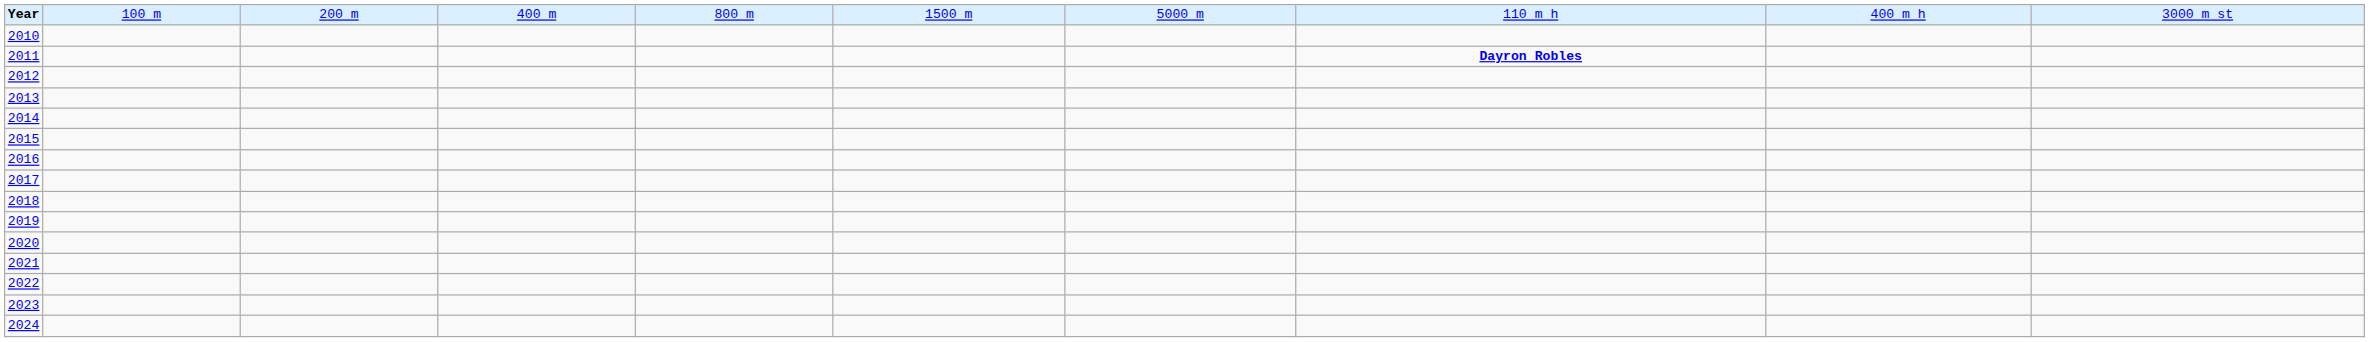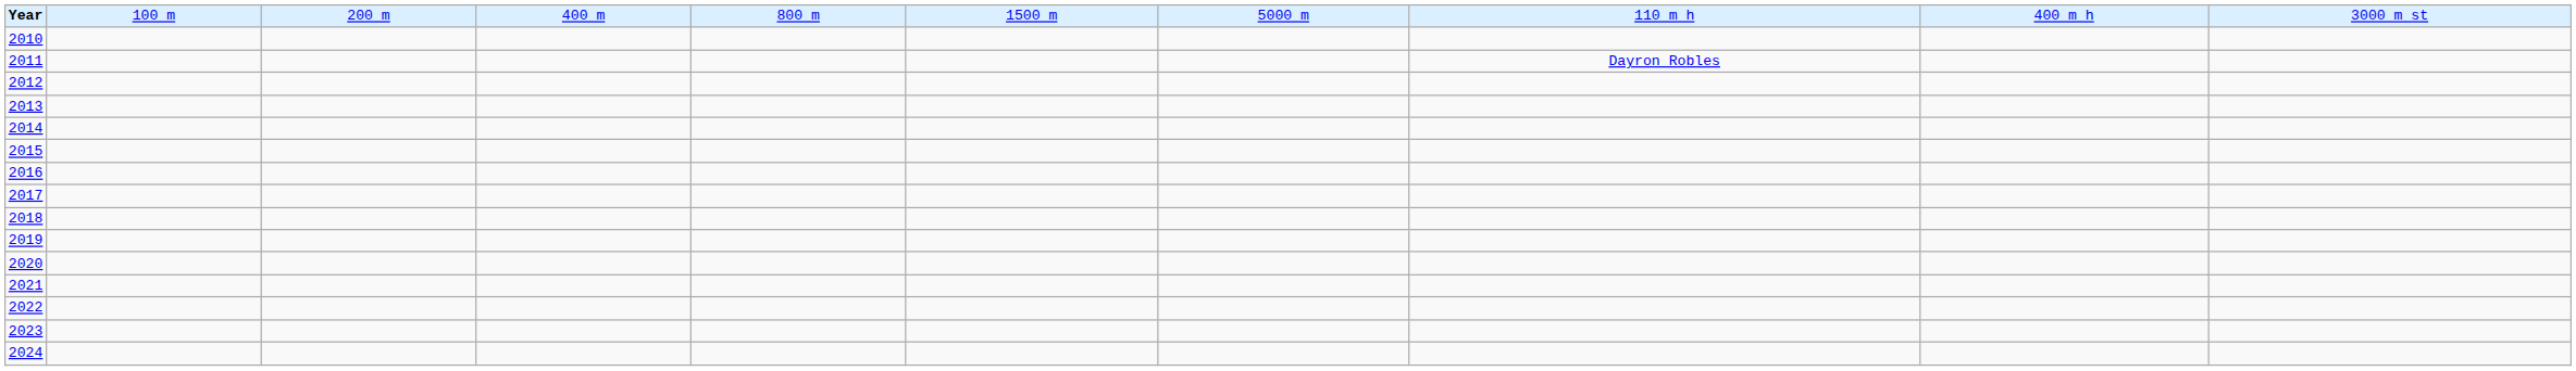 <table class="wikitable" style="font-size:85%; text-align:center;" width="100%">
 <tr style="text-align:center;background-color:#DAEFFF">
 <td width=25px><strong>Year</strong></td>
 <td><a href='#'>100 m</a></td>
 <td><a href='#'>200 m</a></td>
 <td><a href='#'>400 m</a></td>
 <td><a href='#'>800 m</a></td>
 <td><a href='#'>1500 m</a></td>
 <td><a href='#'>5000 m</a></td>
 <td><a href='#'>110 m h</a></td>
 <td><a href='#'>400 m h</a></td>
 <td><a href='#'>3000 m st</a></td>
 </tr>
 <tr>
 <td><a href='#'>2010</a></td>
 <td></td>
 <td></td>
 <td></td>
 <td> </td>
 <td> </td>
 <td> </td>
 <td> </td>
 <td> </td>
 <td> </td>
 </tr>
 <tr>
 <td><a href='#'>2011</a></td>
 <td> </td>
 <td></td>
 <td> </td>
 <td> </td>
 <td></td>
 <td> </td>
-<td><strong> <a href='#'>Dayron Robles</a></strong></td>
+<td> <a href='#'>Dayron Robles</a></td>
 <td></td>
 <td> </td>
 </tr>
 <tr>
 <td><a href='#'>2012</a></td>
 <td></td>
 <td></td>
 <td></td>
 <td> </td>
 <td> </td>
 <td></td>
 <td></td>
 <td> </td>
 <td> </td>
 </tr>
 <tr>
 <td><a href='#'>2013</a></td>
 <td> </td>
 <td></td>
 <td> </td>
 <td> </td>
 <td></td>
 <td></td>
 <td> </td>
 <td> </td>
 <td> </td>
 </tr>
 <tr>
 <td><a href='#'>2014</a></td>
 <td> </td>
 <td> </td>
 <td> </td>
 <td> </td>
 <td> </td>
 <td></td>
 <td></td>
 <td></td>
 <td> </td>
 </tr>
 <tr>
 <td><a href='#'>2015</a></td>
 <td> </td>
 <td> </td>
 <td> </td>
 <td> </td>
 <td> </td>
 <td></td>
 <td> </td>
 <td> </td>
 <td> </td>
 </tr>
 <tr>
 <td><a href='#'>2016</a></td>
 <td> </td>
 <td> </td>
 <td> </td>
 <td></td>
 <td> </td>
 <td></td>
 <td> </td>
 <td></td>
 <td> </td>
 </tr>
 <tr>
 <td><a href='#'>2017</a></td>
 <td></td>
 <td> </td>
 <td></td>
 <td> </td>
 <td>  </td>
 <td></td>
 <td>  </td>
 <td>  </td>
 <td> </td>
 </tr>
 <tr>
 <td><a href='#'>2018</a></td>
 <td> </td>
 <td> </td>
 <td></td>
 <td> </td>
 <td>  </td>
 <td></td>
 <td>  </td>
 <td>  </td>
 <td>  </td>
 </tr>
 <tr>
 <td><a href='#'>2019</a></td>
 <td></td>
 <td>  </td>
 <td></td>
 <td></td>
 <td>  </td>
 <td></td>
 <td> </td>
 <td> </td>
 <td></td>
 </tr>
 <tr>
 <td><a href='#'>2020</a></td>
 <td></td>
 <td></td>
 <td></td>
 <td></td>
 <td></td>
 <td></td>
 <td></td>
 <td></td>
 <td></td>
 </tr>
 <tr>
 <td><a href='#'>2021</a></td>
 <td></td>
 <td> </td>
 <td></td>
 <td> </td>
 <td>  </td>
 <td> </td>
 <td></td>
 <td> </td>
 <td></td>
 </tr>
 <tr>
 <td><a href='#'>2022</a></td>
 <td></td>
 <td>  </td>
 <td> </td>
 <td> </td>
 <td> </td>
 <td></td>
 <td></td>
 <td> </td>
 <td></td>
 </tr>
 <tr>
 <td><a href='#'>2023</a></td>
 <td> </td>
 <td></td>
 <td> </td>
 <td> </td>
 <td> </td>
 <td></td>
 <td></td>
 <td></td>
 <td></td>
 </tr>
 <tr>
 <td><a href='#'>2024</a></td>
 <td></td>
 <td> </td>
 <td></td>
 <td> </td>
 <td> </td>
 <td> </td>
 <td></td>
 <td> </td>
 <td></td>
 </tr>
 </table>
